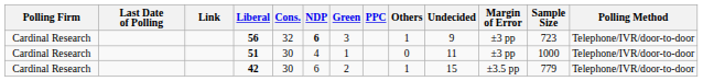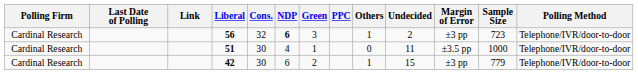 <table class="wikitable sortable" style="text-align:center;font-size:90%;line-height:14px;">
 <tr style="background:#e9e9e9;">
 <th style="width:120px">Polling Firm</th>
 <th style="width:110px">Last Date<br>of Polling</th>
 <th style="width:60px" class="unsortable">Link</th>
 <th style="background-color:"><a href='#'>Liberal</a></th>
 <th style="background-color:"><a href='#'>Cons.</a></th>
 <th style="background-color:"><a href='#'>NDP</a></th>
 <th style="background-color:"><a href='#'>Green</a></th>
 <th style="background-color:"><a href='#'><span>PPC</span></a></th>
 <th style="background-color:">Others</th>
 <th style="background-color:">Undecided</th>
 <th style="width:60px;" class=unsortable>Margin<br>of Error</th>
 <th style="width:50px;" class=unsortable>Sample<br>Size</th>
 <th class=unsortable>Polling Method</th>
 </tr>
 <tr>
 <td>Cardinal Research</td>
 <td></td>
 <td></td>
 <td><strong>56</strong></td>
 <td>32</td>
 <td><strong>6</strong></td>
 <td>3</td>
 <td></td>
 <td>1</td>
-<td>9</td>
+<td>2</td>
 <td>±3 pp</td>
 <td>723</td>
 <td>Telephone/IVR/door-to-door</td>
 </tr>
 <tr>
 <td>Cardinal Research</td>
 <td></td>
 <td></td>
 <td><strong>51</strong></td>
 <td>30</td>
 <td>4</td>
 <td>1</td>
 <td></td>
 <td>0</td>
 <td>11</td>
-<td>±3 pp</td>
+<td>±3.5 pp</td>
 <td>1000</td>
 <td>Telephone/IVR/door-to-door</td>
 </tr>
 <tr>
 <td>Cardinal Research</td>
 <td></td>
 <td></td>
 <td><strong>42</strong></td>
 <td>30</td>
 <td>6</td>
 <td>2</td>
 <td></td>
 <td>1</td>
 <td>15</td>
-<td>±3.5 pp</td>
+<td>±3 pp</td>
 <td>779</td>
 <td>Telephone/IVR/door-to-door</td>
 </tr>
 </table>
